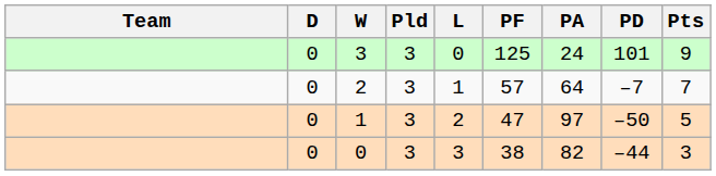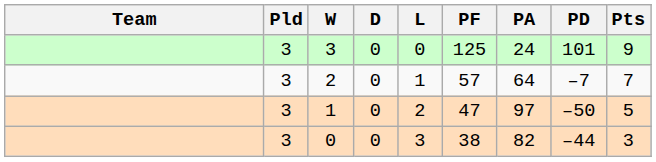 <table class="wikitable" style="text-align:center;">
 <tr>
 <th width=175>Team</th>
+<th width=25 abbr="Played">Pld</th>
+<th width=25 abbr="Won">W</th>
 <th width=25 abbr="Drawn">D</th>
-<th width=25 abbr="Won">W</th>
-<th width=25 abbr="Played">Pld</th>
 <th width=25 abbr="Lost">L</th>
 <th width=32 abbr="Points for">PF</th>
 <th width=32 abbr="Points against">PA</th>
 <th width=32 abbr="Points difference">PD</th>
 <th width=25 abbr="Points">Pts</th>
 </tr>
 <tr bgcolor="#ccffcc">
 <td align=left></td>
-<td>0</td>
 <td>3</td>
 <td>3</td>
+<td>0</td>
 <td>0</td>
 <td>125</td>
 <td>24</td>
 <td>101</td>
 <td>9</td>
 </tr>
 <tr>
 <td align=left></td>
+<td>3</td>
+<td>2</td>
 <td>0</td>
-<td>2</td>
-<td>3</td>
 <td>1</td>
 <td>57</td>
 <td>64</td>
 <td>–7</td>
 <td>7</td>
 </tr>
 <tr bgcolor="#ffddbb">
 <td align=left></td>
+<td>3</td>
+<td>1</td>
 <td>0</td>
-<td>1</td>
-<td>3</td>
 <td>2</td>
 <td>47</td>
 <td>97</td>
 <td>–50</td>
 <td>5</td>
 </tr>
 <tr bgcolor="#ffddbb">
 <td align=left></td>
+<td>3</td>
 <td>0</td>
 <td>0</td>
-<td>3</td>
 <td>3</td>
 <td>38</td>
 <td>82</td>
 <td>–44</td>
 <td>3</td>
 </tr>
 </table>
